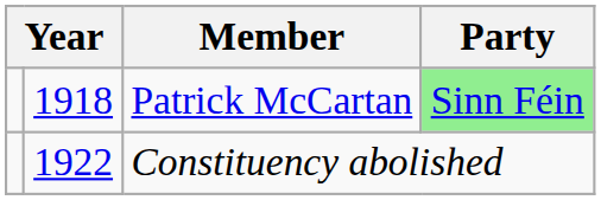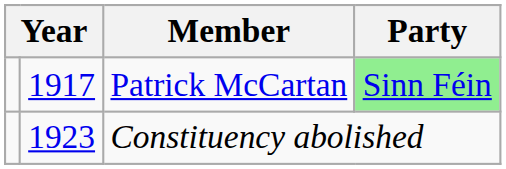 <table class="wikitable">
 <tr>
 <th colspan=2>Year</th>
 <th>Member</th>
 <th>Party</th>
 </tr>
 <tr>
 <td style="color:inherit;background-color: "></td>
-<td><a href='#'>1918</a></td>
+<td><a href='#'>1917</a></td>
 <td><a href='#'>Patrick McCartan</a></td>
 <td style="background: lightgreen;"><a href='#'>Sinn Féin</a></td>
 </tr>
 <tr>
 <td></td>
-<td><a href='#'>1922</a></td>
+<td><a href='#'>1923</a></td>
 <td colspan="2"><em>Constituency abolished</em></td>
 </tr>
 </table>
